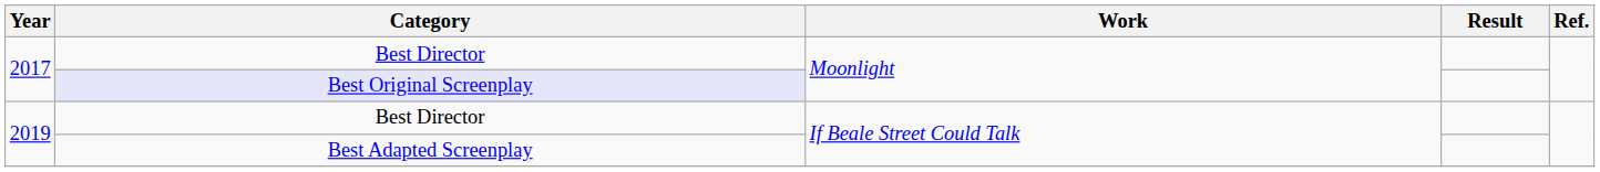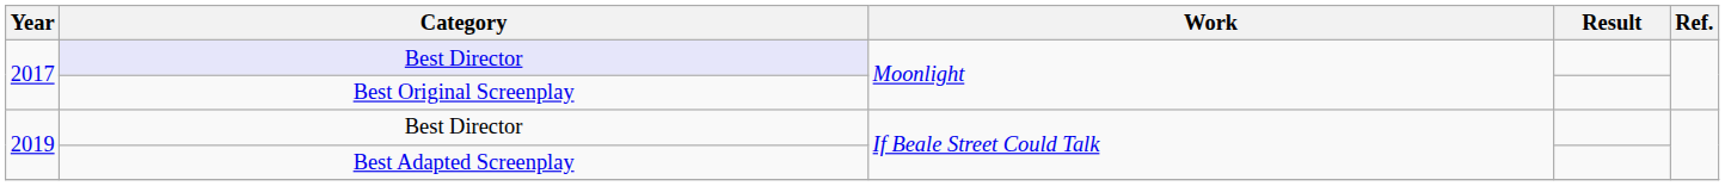 <table class="wikitable">
 <tr>
 <th scope="col" style="width:1em;">Year</th>
 <th scope="col" style="width:39em;">Category</th>
 <th scope="col" style="width:33em;">Work</th>
 <th scope="col" style="width:5em;">Result</th>
 <th>Ref.</th>
 </tr>
 <tr>
 <td rowspan="2" align="center"><a href='#'>2017</a></td>
-<td align="center"><a href='#'>Best Director</a></td>
+<td align="center" style="background: lavender;"><a href='#'>Best Director</a></td>
 <td rowspan="2"><em><a href='#'>Moonlight</a></em></td>
 <td></td>
 <td rowspan="2"></td>
 </tr>
 <tr>
-<td align="center" style="background: lavender;"><a href='#'>Best Original Screenplay</a></td>
+<td align="center"><a href='#'>Best Original Screenplay</a></td>
 <td></td>
 </tr>
 <tr>
 <td rowspan="2" align="center"><a href='#'>2019</a></td>
 <td align="center">Best Director</td>
 <td rowspan="2"><em><a href='#'>If Beale Street Could Talk</a></em></td>
 <td></td>
 <td rowspan="2"></td>
 </tr>
 <tr>
 <td align="center"><a href='#'>Best Adapted Screenplay</a></td>
 <td></td>
 </tr>
 <tr>
 </tr>
 </table>
